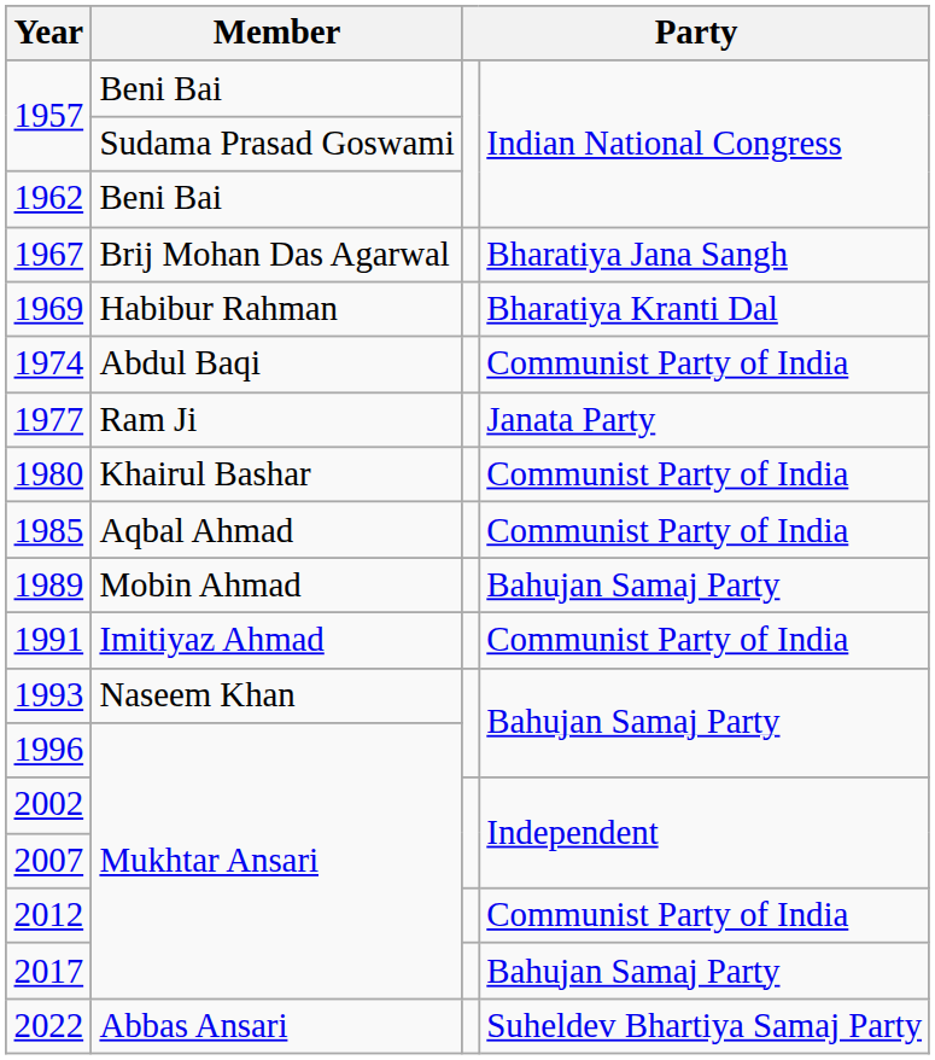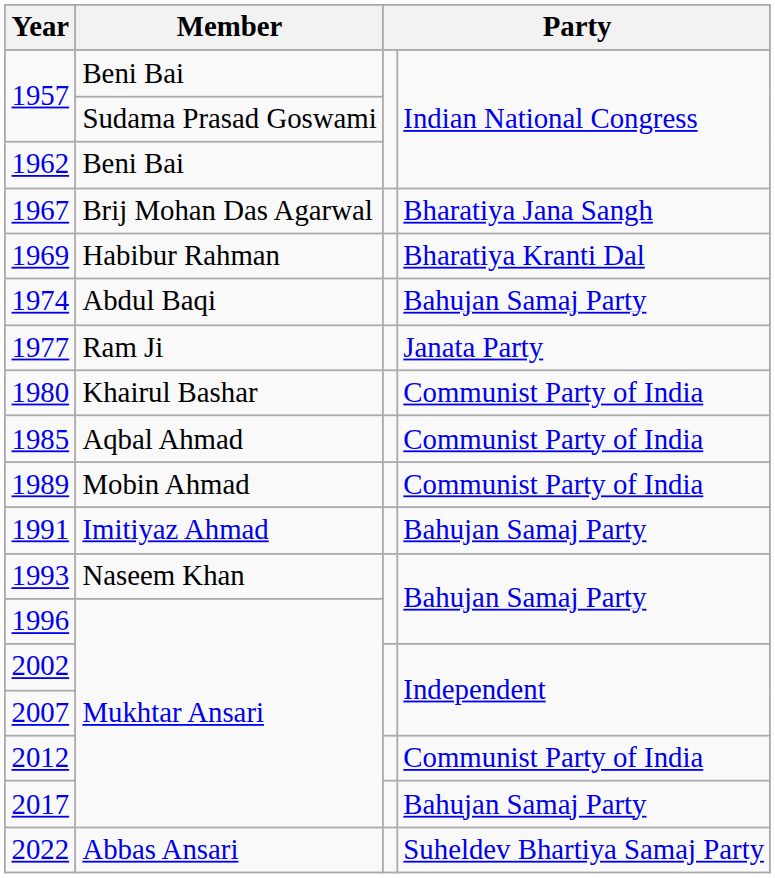 <table class="wikitable">
 <tr>
 <th>Year</th>
 <th>Member</th>
 <th colspan="2">Party</th>
 </tr>
 <tr>
 <td rowspan="2"><a href='#'>1957</a></td>
 <td>Beni Bai</td>
 <td rowspan="3" style="background-color: "></td>
 <td rowspan="3"><a href='#'>Indian National Congress</a></td>
 </tr>
 <tr>
 <td>Sudama Prasad Goswami</td>
 </tr>
 <tr>
 <td><a href='#'>1962</a></td>
 <td>Beni Bai</td>
 </tr>
 <tr>
 <td><a href='#'>1967</a></td>
 <td>Brij Mohan Das Agarwal</td>
 <td style="background-color: "></td>
 <td><a href='#'>Bharatiya Jana Sangh</a></td>
 </tr>
 <tr>
 <td><a href='#'>1969</a></td>
 <td>Habibur Rahman</td>
 <td style="background-color: "></td>
 <td><a href='#'>Bharatiya Kranti Dal</a></td>
 </tr>
 <tr>
 <td><a href='#'>1974</a></td>
 <td>Abdul Baqi</td>
 <td style="background-color: "></td>
-<td><a href='#'>Communist Party of India</a></td>
+<td><a href='#'>Bahujan Samaj Party</a></td>
 </tr>
 <tr>
 <td><a href='#'>1977</a></td>
 <td>Ram Ji</td>
 <td style="background-color: "></td>
 <td><a href='#'>Janata Party</a></td>
 </tr>
 <tr>
 <td><a href='#'>1980</a></td>
 <td>Khairul Bashar</td>
 <td style="background-color: "></td>
 <td><a href='#'>Communist Party of India</a></td>
 </tr>
 <tr>
 <td><a href='#'>1985</a></td>
 <td>Aqbal Ahmad</td>
 <td style="background-color: "></td>
 <td><a href='#'>Communist Party of India</a></td>
 </tr>
 <tr>
 <td><a href='#'>1989</a></td>
 <td>Mobin Ahmad</td>
 <td style="background-color: "></td>
-<td><a href='#'>Bahujan Samaj Party</a></td>
+<td><a href='#'>Communist Party of India</a></td>
 </tr>
 <tr>
 <td><a href='#'>1991</a></td>
 <td><a href='#'>Imitiyaz Ahmad</a></td>
 <td style="background-color: "></td>
-<td><a href='#'>Communist Party of India</a></td>
+<td><a href='#'>Bahujan Samaj Party</a></td>
 </tr>
 <tr>
 <td><a href='#'>1993</a></td>
 <td>Naseem Khan</td>
 <td rowspan="2" style="background-color: "></td>
 <td rowspan="2"><a href='#'>Bahujan Samaj Party</a></td>
 </tr>
 <tr>
 <td><a href='#'>1996</a></td>
 <td rowspan="5"><a href='#'>Mukhtar Ansari</a></td>
 </tr>
 <tr>
 <td><a href='#'>2002</a></td>
 <td rowspan="2" style="background-color: "></td>
 <td rowspan="2"><a href='#'>Independent</a></td>
 </tr>
 <tr>
 <td><a href='#'>2007</a></td>
 </tr>
 <tr>
 <td><a href='#'>2012</a></td>
 <td style="background-color: "></td>
 <td><a href='#'>Communist Party of India</a></td>
 </tr>
 <tr>
 <td><a href='#'>2017</a></td>
 <td style="background-color: "></td>
 <td><a href='#'>Bahujan Samaj Party</a></td>
 </tr>
 <tr>
 <td><a href='#'>2022</a></td>
 <td><a href='#'>Abbas Ansari</a></td>
 <td style="background-color: "></td>
 <td><a href='#'>Suheldev Bhartiya Samaj Party</a></td>
 </tr>
 </table>
